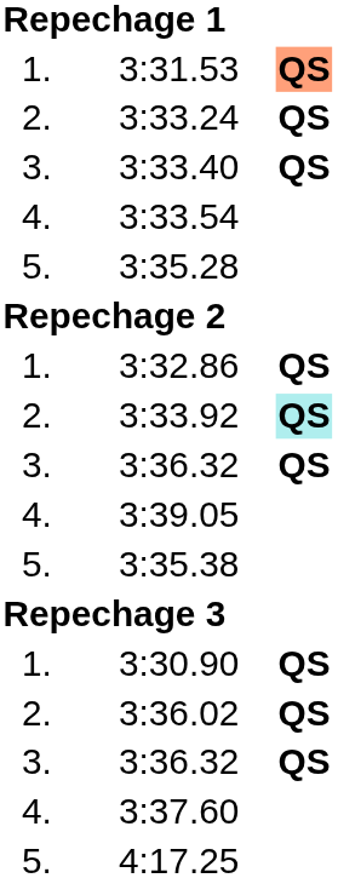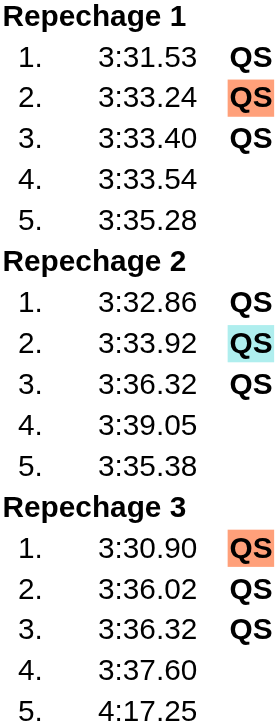 <table style="text-align:center">
 <tr>
 <td colspan=4 align=left><strong>Repechage 1</strong></td>
 </tr>
 <tr>
 <td width=30>1.</td>
 <td align=left></td>
 <td width=80>3:31.53</td>
-<td style="background: lightsalmon;"><strong>QS</strong></td>
+<td><strong>QS</strong></td>
 </tr>
 <tr>
 <td>2.</td>
 <td align=left></td>
 <td>3:33.24</td>
-<td><strong>QS</strong></td>
+<td style="background: lightsalmon;"><strong>QS</strong></td>
 </tr>
 <tr>
 <td>3.</td>
 <td align=left></td>
 <td>3:33.40</td>
 <td><strong>QS</strong></td>
 </tr>
 <tr>
 <td>4.</td>
 <td align=left></td>
 <td>3:33.54</td>
 <td></td>
 </tr>
 <tr>
 <td>5.</td>
 <td align=left></td>
 <td>3:35.28</td>
 <td></td>
 </tr>
 <tr>
 <td colspan=4 align=left><strong>Repechage 2</strong></td>
 </tr>
 <tr>
 <td>1.</td>
 <td align=left></td>
 <td>3:32.86</td>
 <td><strong>QS</strong></td>
 </tr>
 <tr>
 <td>2.</td>
 <td align=left></td>
 <td>3:33.92</td>
 <td style="background: paleturquoise;"><strong>QS</strong></td>
 </tr>
 <tr>
 <td>3.</td>
 <td align=left></td>
 <td>3:36.32</td>
 <td><strong>QS</strong></td>
 </tr>
 <tr>
 <td>4.</td>
 <td align=left></td>
 <td>3:39.05</td>
 <td></td>
 </tr>
 <tr>
 <td>5.</td>
 <td align=left></td>
 <td>3:35.38</td>
 <td></td>
 </tr>
 <tr>
 <td colspan=4 align=left><strong>Repechage 3</strong></td>
 </tr>
 <tr>
 <td>1.</td>
 <td align=left></td>
 <td>3:30.90</td>
-<td><strong>QS</strong></td>
+<td style="background: lightsalmon;"><strong>QS</strong></td>
 </tr>
 <tr>
 <td>2.</td>
 <td align=left></td>
 <td>3:36.02</td>
 <td><strong>QS</strong></td>
 </tr>
 <tr>
 <td>3.</td>
 <td align=left></td>
 <td>3:36.32</td>
 <td><strong>QS</strong></td>
 </tr>
 <tr>
 <td>4.</td>
 <td align=left></td>
 <td>3:37.60</td>
 <td></td>
 </tr>
 <tr>
 <td>5.</td>
 <td align=left></td>
 <td>4:17.25</td>
 <td></td>
 </tr>
 </table>
